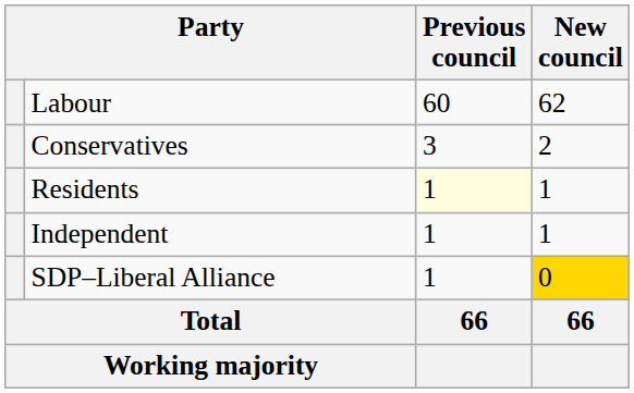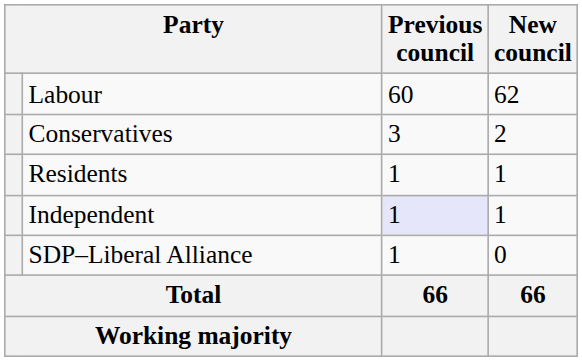 <table class="wikitable">
 <tr>
 <th valign=top colspan="2" style="width: 230px">Party</th>
 <th valign=top style="width: 30px">Previous council</th>
 <th valign=top style="width: 30px">New council</th>
 </tr>
 <tr>
 <th style="background-color: "></th>
 <td>Labour</td>
 <td>60</td>
 <td>62</td>
 </tr>
 <tr>
 <th style="background-color: "></th>
 <td>Conservatives</td>
 <td>3</td>
 <td>2</td>
 </tr>
 <tr>
 <th style="background-color: "></th>
 <td>Residents</td>
-<td style="background: lightyellow;">1</td>
+<td>1</td>
 <td>1</td>
 </tr>
 <tr>
 <th style="background-color: "></th>
 <td>Independent</td>
-<td>1</td>
+<td style="background: lavender;">1</td>
 <td>1</td>
 </tr>
 <tr>
 <th style="background-color: "></th>
 <td>SDP–Liberal Alliance</td>
 <td>1</td>
-<td style="background: gold;">0</td>
+<td>0</td>
 </tr>
 <tr>
 <th colspan=2>Total</th>
 <th style="text-align: center">66</th>
 <th colspan=3>66</th>
 </tr>
 <tr>
 <th colspan=2>Working majority</th>
 <th></th>
 <th></th>
 </tr>
 </table>
